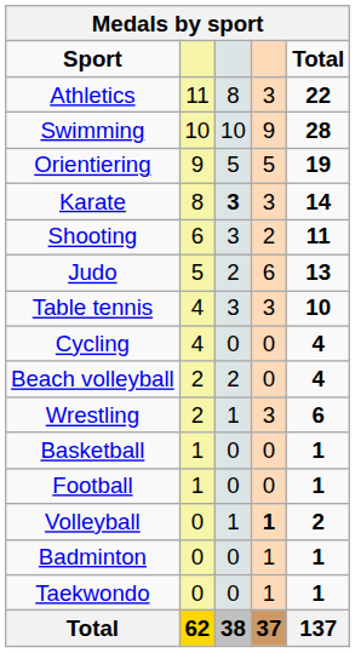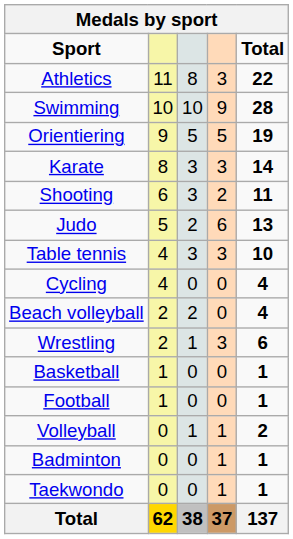 <table class="wikitable" style=font-size:85%;float:center;text-align:center>
 <tr style="background:#efefef;">
 <th colspan=5><strong>Medals by sport</strong></th>
 </tr>
 <tr align=center>
 <td><strong>Sport</strong></td>
 <td bgcolor=#f7f6a8></td>
 <td bgcolor=#dce5e5></td>
 <td bgcolor=#ffdab9></td>
 <td><strong>Total</strong></td>
 </tr>
 <tr align=center>
 <td><a href='#'>Athletics</a></td>
 <td style="background:#F7F6A8;">11</td>
 <td style="background:#DCE5E5;">8</td>
 <td style="background:#FFDAB9;">3</td>
 <td><strong>22</strong></td>
 </tr>
 <tr align=center>
 <td><a href='#'>Swimming</a></td>
 <td style="background:#F7F6A8;">10</td>
 <td style="background:#DCE5E5;">10</td>
 <td style="background:#FFDAB9;">9</td>
 <td><strong>28</strong></td>
 </tr>
 <tr align=center>
 <td><a href='#'>Orientiering</a></td>
 <td style="background:#F7F6A8;">9</td>
 <td style="background:#DCE5E5;">5</td>
 <td style="background:#FFDAB9;">5</td>
 <td><strong>19</strong></td>
 </tr>
 <tr align=center>
 <td><a href='#'>Karate</a></td>
 <td style="background:#F7F6A8;">8</td>
-<td style="background:#DCE5E5;"><strong>3</strong></td>
+<td style="background:#DCE5E5;">3</td>
 <td style="background:#FFDAB9;">3</td>
 <td><strong>14</strong></td>
 </tr>
 <tr align=center>
 <td><a href='#'>Shooting</a></td>
 <td style="background:#F7F6A8;">6</td>
 <td style="background:#DCE5E5;">3</td>
 <td style="background:#FFDAB9;">2</td>
 <td><strong>11</strong></td>
 </tr>
 <tr align=center>
 <td><a href='#'>Judo</a></td>
 <td style="background:#F7F6A8;">5</td>
 <td style="background:#DCE5E5;">2</td>
 <td style="background:#FFDAB9;">6</td>
 <td><strong>13</strong></td>
 </tr>
 <tr align=center>
 <td><a href='#'>Table tennis</a></td>
 <td style="background:#F7F6A8;">4</td>
 <td style="background:#DCE5E5;">3</td>
 <td style="background:#FFDAB9;">3</td>
 <td><strong>10</strong></td>
 </tr>
 <tr align=center>
 <td><a href='#'>Cycling</a></td>
 <td style="background:#F7F6A8;">4</td>
 <td style="background:#DCE5E5;">0</td>
 <td style="background:#FFDAB9;">0</td>
 <td><strong>4</strong></td>
 </tr>
 <tr align=center>
 <td><a href='#'>Beach volleyball</a></td>
 <td style="background:#F7F6A8;">2</td>
 <td style="background:#DCE5E5;">2</td>
 <td style="background:#FFDAB9;">0</td>
 <td><strong>4</strong></td>
 </tr>
 <tr align=center>
 <td><a href='#'>Wrestling</a></td>
 <td style="background:#F7F6A8;">2</td>
 <td style="background:#DCE5E5;">1</td>
 <td style="background:#FFDAB9;">3</td>
 <td><strong>6</strong></td>
 </tr>
 <tr align=center>
 <td><a href='#'>Basketball</a></td>
 <td style="background:#F7F6A8;">1</td>
 <td style="background:#DCE5E5;">0</td>
 <td style="background:#FFDAB9;">0</td>
 <td><strong>1</strong></td>
 </tr>
 <tr align=center>
 <td><a href='#'>Football</a></td>
 <td style="background:#F7F6A8;">1</td>
 <td style="background:#DCE5E5;">0</td>
 <td style="background:#FFDAB9;">0</td>
 <td><strong>1</strong></td>
 </tr>
 <tr align=center>
 <td><a href='#'>Volleyball</a></td>
 <td style="background:#F7F6A8;">0</td>
 <td style="background:#DCE5E5;">1</td>
-<td style="background:#FFDAB9;"><strong>1</strong></td>
+<td style="background:#FFDAB9;">1</td>
 <td><strong>2</strong></td>
 </tr>
 <tr align=center>
 <td><a href='#'>Badminton</a></td>
 <td style="background:#F7F6A8;">0</td>
 <td style="background:#DCE5E5;">0</td>
 <td style="background:#FFDAB9;">1</td>
 <td><strong>1</strong></td>
 </tr>
 <tr align=center>
 <td><a href='#'>Taekwondo</a></td>
 <td style="background:#F7F6A8;">0</td>
 <td style="background:#DCE5E5;">0</td>
 <td style="background:#FFDAB9;">1</td>
 <td><strong>1</strong></td>
 </tr>
 <tr align=center>
 <th><strong>Total</strong></th>
 <th style="background:gold;"><strong>62</strong></th>
 <th style="background:silver;"><strong>38</strong></th>
 <th style="background:#c96;"><strong>37</strong></th>
 <th><strong>137</strong></th>
 </tr>
 </table>
